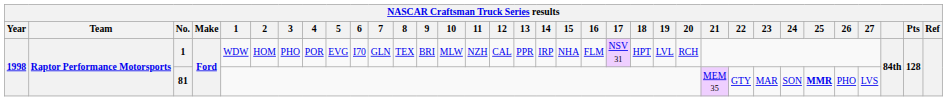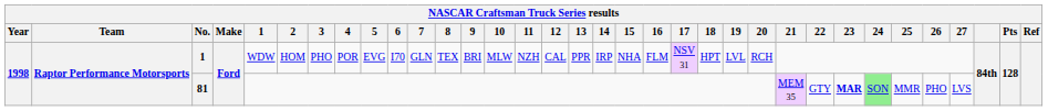 <table class="wikitable" style="text-align:center; font-size:75%">
 <tr>
 <th colspan=34><a href='#'>NASCAR Craftsman Truck Series</a> results</th>
 </tr>
 <tr>
 <th>Year</th>
 <th>Team</th>
 <th>No.</th>
 <th>Make</th>
 <th>1</th>
 <th>2</th>
 <th>3</th>
 <th>4</th>
 <th>5</th>
 <th>6</th>
 <th>7</th>
 <th>8</th>
 <th>9</th>
 <th>10</th>
 <th>11</th>
 <th>12</th>
 <th>13</th>
 <th>14</th>
 <th>15</th>
 <th>16</th>
 <th>17</th>
 <th>18</th>
 <th>19</th>
 <th>20</th>
 <th>21</th>
 <th>22</th>
 <th>23</th>
 <th>24</th>
 <th>25</th>
 <th>26</th>
 <th>27</th>
 <th></th>
 <th>Pts</th>
 <th>Ref</th>
 </tr>
 <tr>
 <th rowspan=2><a href='#'>1998</a></th>
 <th rowspan=2><a href='#'>Raptor Performance Motorsports</a></th>
 <th>1</th>
 <th rowspan=2><a href='#'>Ford</a></th>
 <td><a href='#'>WDW</a></td>
 <td><a href='#'>HOM</a></td>
 <td><a href='#'>PHO</a></td>
 <td><a href='#'>POR</a></td>
 <td><a href='#'>EVG</a></td>
 <td><a href='#'>I70</a></td>
 <td><a href='#'>GLN</a></td>
 <td><a href='#'>TEX</a></td>
 <td><a href='#'>BRI</a></td>
 <td><a href='#'>MLW</a></td>
 <td><a href='#'>NZH</a></td>
 <td><a href='#'>CAL</a></td>
 <td><a href='#'>PPR</a></td>
 <td><a href='#'>IRP</a></td>
 <td><a href='#'>NHA</a></td>
 <td><a href='#'>FLM</a></td>
 <td style="background:#EFCFFF;"><a href='#'>NSV</a><br><small>31</small></td>
 <td><a href='#'>HPT</a></td>
 <td><a href='#'>LVL</a></td>
 <td><a href='#'>RCH</a></td>
 <td colspan=7></td>
 <th rowspan=2>84th</th>
 <th rowspan=2>128</th>
 <th rowspan=2></th>
 </tr>
 <tr>
 <th>81</th>
 <td colspan=20></td>
 <td style="background:#EFCFFF;"><a href='#'>MEM</a><br><small>35</small></td>
 <td><a href='#'>GTY</a></td>
-<td><a href='#'>MAR</a></td>
-<td><a href='#'>SON</a></td>
-<td><strong><a href='#'>MMR</a></strong></td>
+<td><strong><a href='#'>MAR</a></strong></td>
+<td style="background: lightgreen;"><a href='#'>SON</a></td>
+<td><a href='#'>MMR</a></td>
 <td><a href='#'>PHO</a></td>
 <td><a href='#'>LVS</a></td>
 </tr>
 </table>
